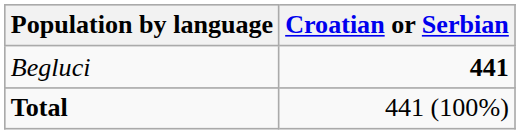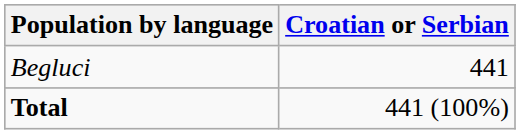 <table class="wikitable sortable">
 <tr>
 <th>Population by language</th>
 <th><a href='#'>Croatian</a> or <a href='#'>Serbian</a></th>
 </tr>
 <tr>
 <td><em>Begluci</em></td>
-<td align="right"><strong>441</strong></td>
+<td align="right">441</td>
 </tr>
 <tr>
 <td><strong>Total</strong></td>
 <td align="right">441 (100%)</td>
 </tr>
 </table>
